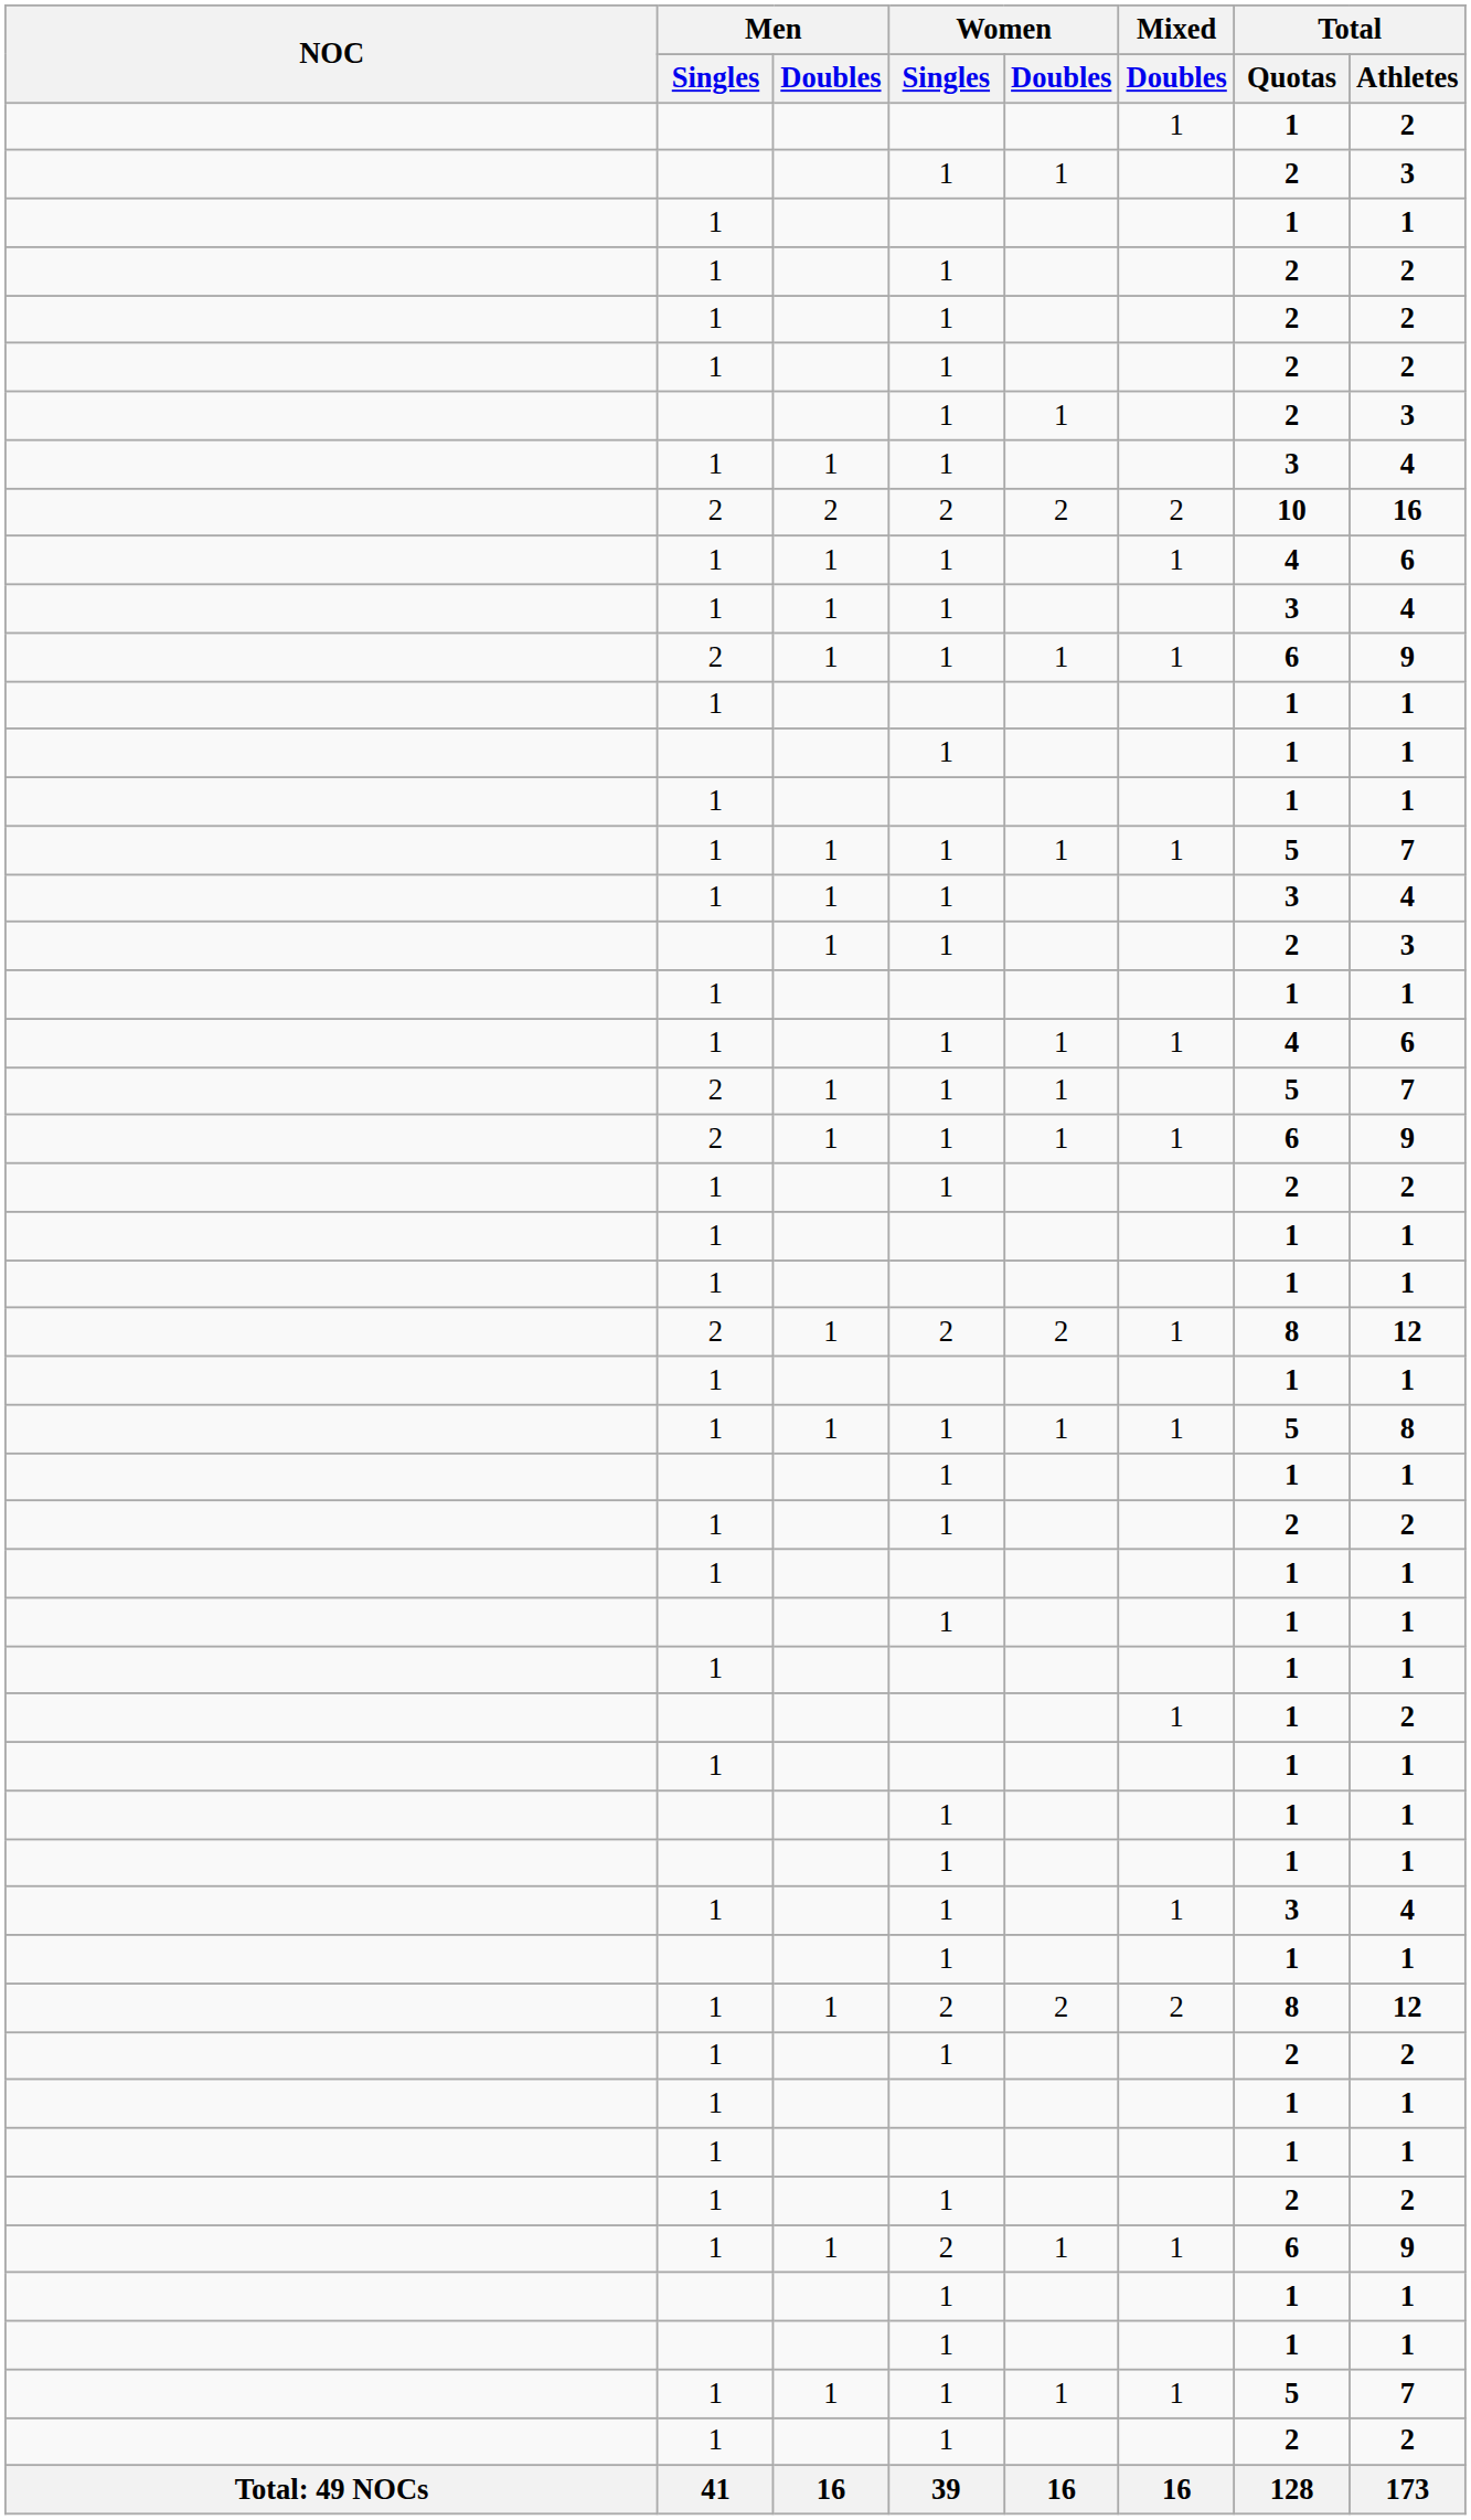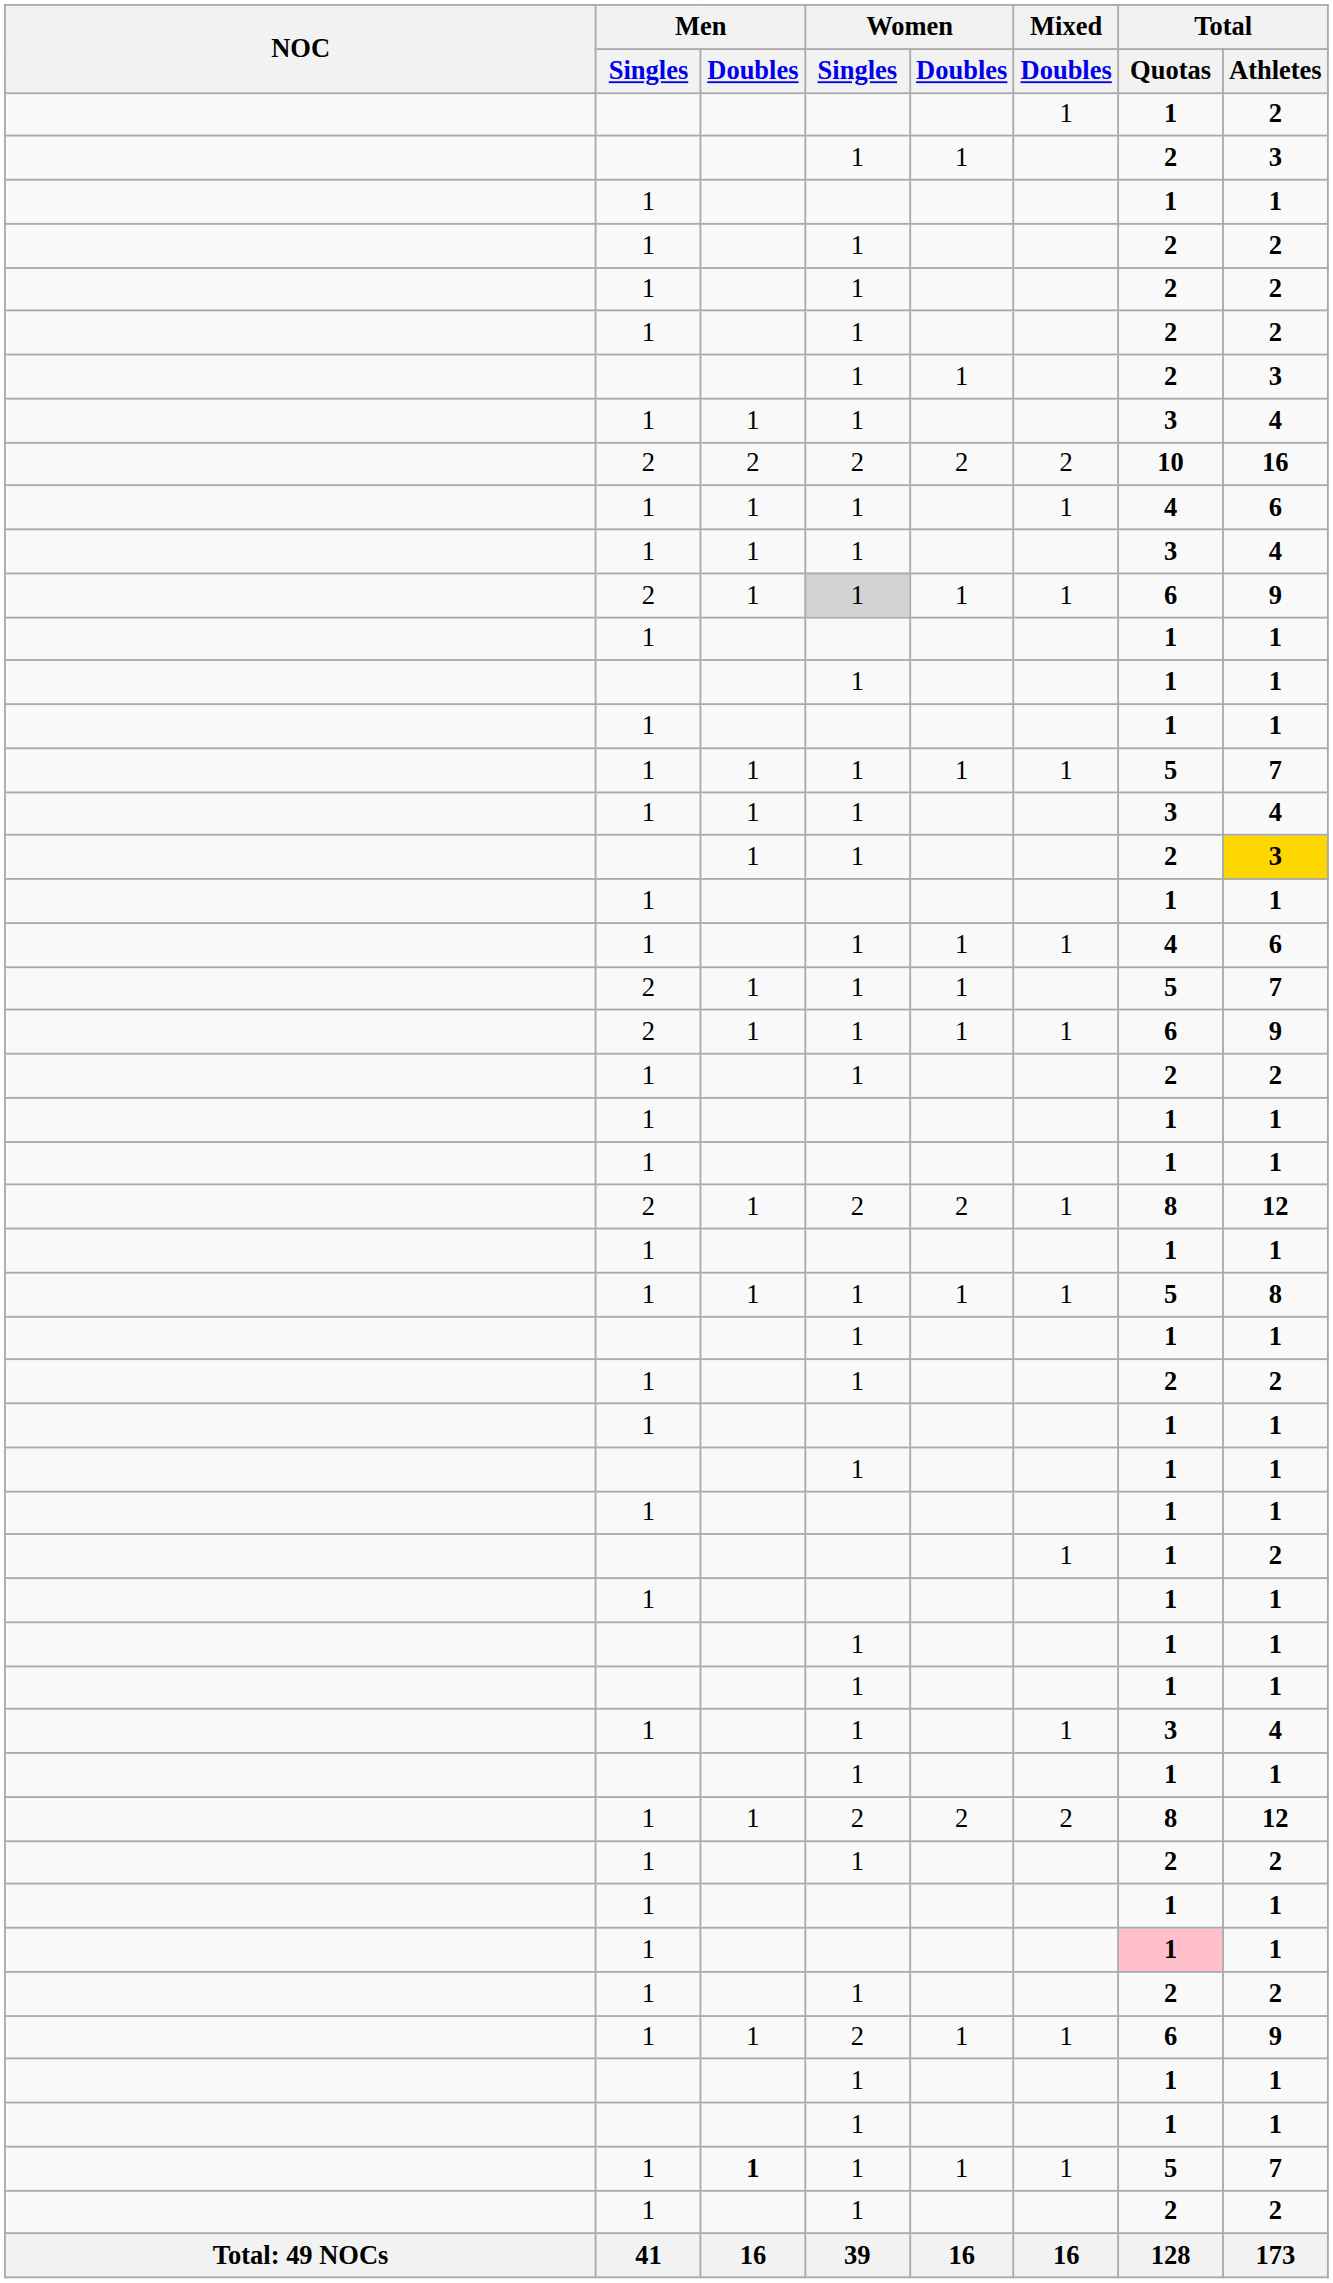 <table class="wikitable sortable" width=720 style="text-align:center; font-size:90%">
 <tr>
 <th rowspan="2" style="text-align:center;">NOC</th>
 <th colspan="2">Men</th>
 <th colspan="2">Women</th>
 <th>Mixed</th>
 <th colspan="2">Total</th>
 </tr>
 <tr>
 <th width=50><a href='#'>Singles</a></th>
 <th width=50><a href='#'>Doubles</a></th>
 <th width=50><a href='#'>Singles</a></th>
 <th width=50><a href='#'>Doubles</a></th>
 <th width=50><a href='#'>Doubles</a></th>
 <th width=50>Quotas</th>
 <th width=50>Athletes</th>
 </tr>
 <tr>
 <td align=left></td>
 <td></td>
 <td></td>
 <td></td>
 <td></td>
 <td>1</td>
 <td><strong>1</strong></td>
 <td><strong>2</strong></td>
 </tr>
 <tr>
 <td align=left></td>
 <td></td>
 <td></td>
 <td>1</td>
 <td>1</td>
 <td></td>
 <td><strong>2</strong></td>
 <td><strong>3</strong></td>
 </tr>
 <tr>
 <td align=left></td>
 <td>1</td>
 <td></td>
 <td></td>
 <td></td>
 <td></td>
 <td><strong>1</strong></td>
 <td><strong>1</strong></td>
 </tr>
 <tr>
 <td align=left></td>
 <td>1</td>
 <td></td>
 <td>1</td>
 <td></td>
 <td></td>
 <td><strong>2</strong></td>
 <td><strong>2</strong></td>
 </tr>
 <tr>
 <td align=left></td>
 <td>1</td>
 <td></td>
 <td>1</td>
 <td></td>
 <td></td>
 <td><strong>2</strong></td>
 <td><strong>2</strong></td>
 </tr>
 <tr>
 <td align=left></td>
 <td>1</td>
 <td></td>
 <td>1</td>
 <td></td>
 <td></td>
 <td><strong>2</strong></td>
 <td><strong>2</strong></td>
 </tr>
 <tr>
 <td align=left></td>
 <td></td>
 <td></td>
 <td>1</td>
 <td>1</td>
 <td></td>
 <td><strong>2</strong></td>
 <td><strong>3</strong></td>
 </tr>
 <tr>
 <td align=left></td>
 <td>1</td>
 <td>1</td>
 <td>1</td>
 <td></td>
 <td></td>
 <td><strong>3</strong></td>
 <td><strong>4</strong></td>
 </tr>
 <tr>
 <td align=left></td>
 <td>2</td>
 <td>2</td>
 <td>2</td>
 <td>2</td>
 <td>2</td>
 <td><strong>10</strong></td>
 <td><strong>16</strong></td>
 </tr>
 <tr>
 <td align=left></td>
 <td>1</td>
 <td>1</td>
 <td>1</td>
 <td></td>
 <td>1</td>
 <td><strong>4</strong></td>
 <td><strong>6</strong></td>
 </tr>
 <tr>
 <td align=left></td>
 <td>1</td>
 <td>1</td>
 <td>1</td>
 <td></td>
 <td></td>
 <td><strong>3</strong></td>
 <td><strong>4</strong></td>
 </tr>
 <tr>
 <td align=left></td>
 <td>2</td>
 <td>1</td>
-<td>1</td>
+<td style="background: lightgrey;">1</td>
 <td>1</td>
 <td>1</td>
 <td><strong>6</strong></td>
 <td><strong>9</strong></td>
 </tr>
 <tr>
 <td align=left></td>
 <td>1</td>
 <td></td>
 <td></td>
 <td></td>
 <td></td>
 <td><strong>1</strong></td>
 <td><strong>1</strong></td>
 </tr>
 <tr>
 <td align=left></td>
 <td></td>
 <td></td>
 <td>1</td>
 <td></td>
 <td></td>
 <td><strong>1</strong></td>
 <td><strong>1</strong></td>
 </tr>
 <tr>
 <td align=left></td>
 <td>1</td>
 <td></td>
 <td></td>
 <td></td>
 <td></td>
 <td><strong>1</strong></td>
 <td><strong>1</strong></td>
 </tr>
 <tr>
 <td align=left></td>
 <td>1</td>
 <td>1</td>
 <td>1</td>
 <td>1</td>
 <td>1</td>
 <td><strong>5</strong></td>
 <td><strong>7</strong></td>
 </tr>
 <tr>
 <td align=left></td>
 <td>1</td>
 <td>1</td>
 <td>1</td>
 <td></td>
 <td></td>
 <td><strong>3</strong></td>
 <td><strong>4</strong></td>
 </tr>
 <tr>
 <td align=left></td>
 <td></td>
 <td>1</td>
 <td>1</td>
 <td></td>
 <td></td>
 <td><strong>2</strong></td>
-<td><strong>3</strong></td>
+<td style="background: gold;"><strong>3</strong></td>
 </tr>
 <tr>
 <td align=left></td>
 <td>1</td>
 <td></td>
 <td></td>
 <td></td>
 <td></td>
 <td><strong>1</strong></td>
 <td><strong>1</strong></td>
 </tr>
 <tr>
 <td align=left></td>
 <td>1</td>
 <td></td>
 <td>1</td>
 <td>1</td>
 <td>1</td>
 <td><strong>4</strong></td>
 <td><strong>6</strong></td>
 </tr>
 <tr>
 <td align=left></td>
 <td>2</td>
 <td>1</td>
 <td>1</td>
 <td>1</td>
 <td></td>
 <td><strong>5</strong></td>
 <td><strong>7</strong></td>
 </tr>
 <tr>
 <td align=left></td>
 <td>2</td>
 <td>1</td>
 <td>1</td>
 <td>1</td>
 <td>1</td>
 <td><strong>6</strong></td>
 <td><strong>9</strong></td>
 </tr>
 <tr>
 <td align=left></td>
 <td>1</td>
 <td></td>
 <td>1</td>
 <td></td>
 <td></td>
 <td><strong>2</strong></td>
 <td><strong>2</strong></td>
 </tr>
 <tr>
 <td align=left></td>
 <td>1</td>
 <td></td>
 <td></td>
 <td></td>
 <td></td>
 <td><strong>1</strong></td>
 <td><strong>1</strong></td>
 </tr>
 <tr>
 <td align=left></td>
 <td>1</td>
 <td></td>
 <td></td>
 <td></td>
 <td></td>
 <td><strong>1</strong></td>
 <td><strong>1</strong></td>
 </tr>
 <tr>
 <td align=left></td>
 <td>2</td>
 <td>1</td>
 <td>2</td>
 <td>2</td>
 <td>1</td>
 <td><strong>8</strong></td>
 <td><strong>12</strong></td>
 </tr>
 <tr>
 <td align=left></td>
 <td>1</td>
 <td></td>
 <td></td>
 <td></td>
 <td></td>
 <td><strong>1</strong></td>
 <td><strong>1</strong></td>
 </tr>
 <tr>
 <td align=left></td>
 <td>1</td>
 <td>1</td>
 <td>1</td>
 <td>1</td>
 <td>1</td>
 <td><strong>5</strong></td>
 <td><strong>8</strong></td>
 </tr>
 <tr>
 <td align=left></td>
 <td></td>
 <td></td>
 <td>1</td>
 <td></td>
 <td></td>
 <td><strong>1</strong></td>
 <td><strong>1</strong></td>
 </tr>
 <tr>
 <td align=left></td>
 <td>1</td>
 <td></td>
 <td>1</td>
 <td></td>
 <td></td>
 <td><strong>2</strong></td>
 <td><strong>2</strong></td>
 </tr>
 <tr>
 <td align=left></td>
 <td>1</td>
 <td></td>
 <td></td>
 <td></td>
 <td></td>
 <td><strong>1</strong></td>
 <td><strong>1</strong></td>
 </tr>
 <tr>
 <td align=left></td>
 <td></td>
 <td></td>
 <td>1</td>
 <td></td>
 <td></td>
 <td><strong>1</strong></td>
 <td><strong>1</strong></td>
 </tr>
 <tr>
 <td align=left></td>
 <td>1</td>
 <td></td>
 <td></td>
 <td></td>
 <td></td>
 <td><strong>1</strong></td>
 <td><strong>1</strong></td>
 </tr>
 <tr>
 <td align=left></td>
 <td></td>
 <td></td>
 <td></td>
 <td></td>
 <td>1</td>
 <td><strong>1</strong></td>
 <td><strong>2</strong></td>
 </tr>
 <tr>
 <td align=left></td>
 <td>1</td>
 <td></td>
 <td></td>
 <td></td>
 <td></td>
 <td><strong>1</strong></td>
 <td><strong>1</strong></td>
 </tr>
 <tr>
 <td align=left></td>
 <td></td>
 <td></td>
 <td>1</td>
 <td></td>
 <td></td>
 <td><strong>1</strong></td>
 <td><strong>1</strong></td>
 </tr>
 <tr>
 <td align=left></td>
 <td></td>
 <td></td>
 <td>1</td>
 <td></td>
 <td></td>
 <td><strong>1</strong></td>
 <td><strong>1</strong></td>
 </tr>
 <tr>
 <td align=left></td>
 <td>1</td>
 <td></td>
 <td>1</td>
 <td></td>
 <td>1</td>
 <td><strong>3</strong></td>
 <td><strong>4</strong></td>
 </tr>
 <tr>
 <td align=left></td>
 <td></td>
 <td></td>
 <td>1</td>
 <td></td>
 <td></td>
 <td><strong>1</strong></td>
 <td><strong>1</strong></td>
 </tr>
 <tr>
 <td align=left></td>
 <td>1</td>
 <td>1</td>
 <td>2</td>
 <td>2</td>
 <td>2</td>
 <td><strong>8</strong></td>
 <td><strong>12</strong></td>
 </tr>
 <tr>
 <td align=left></td>
 <td>1</td>
 <td></td>
 <td>1</td>
 <td></td>
 <td></td>
 <td><strong>2</strong></td>
 <td><strong>2</strong></td>
 </tr>
 <tr>
 <td align=left></td>
 <td>1</td>
 <td></td>
 <td></td>
 <td></td>
 <td></td>
 <td><strong>1</strong></td>
 <td><strong>1</strong></td>
 </tr>
 <tr>
 <td align=left></td>
 <td>1</td>
 <td></td>
 <td></td>
 <td></td>
 <td></td>
-<td><strong>1</strong></td>
+<td style="background: pink;"><strong>1</strong></td>
 <td><strong>1</strong></td>
 </tr>
 <tr>
 <td align=left></td>
 <td>1</td>
 <td></td>
 <td>1</td>
 <td></td>
 <td></td>
 <td><strong>2</strong></td>
 <td><strong>2</strong></td>
 </tr>
 <tr>
 <td align=left></td>
 <td>1</td>
 <td>1</td>
 <td>2</td>
 <td>1</td>
 <td>1</td>
 <td><strong>6</strong></td>
 <td><strong>9</strong></td>
 </tr>
 <tr>
 <td align=left></td>
 <td></td>
 <td></td>
 <td>1</td>
 <td></td>
 <td></td>
 <td><strong>1</strong></td>
 <td><strong>1</strong></td>
 </tr>
 <tr>
 <td align=left></td>
 <td></td>
 <td></td>
 <td>1</td>
 <td></td>
 <td></td>
 <td><strong>1</strong></td>
 <td><strong>1</strong></td>
 </tr>
 <tr>
 <td align=left></td>
 <td>1</td>
-<td>1</td>
+<td><strong>1</strong></td>
 <td>1</td>
 <td>1</td>
 <td>1</td>
 <td><strong>5</strong></td>
 <td><strong>7</strong></td>
 </tr>
 <tr>
 <td align=left></td>
 <td>1</td>
 <td></td>
 <td>1</td>
 <td></td>
 <td></td>
 <td><strong>2</strong></td>
 <td><strong>2</strong></td>
 </tr>
 <tr>
 <th>Total: 49 NOCs</th>
 <th>41</th>
 <th>16</th>
 <th>39</th>
 <th>16</th>
 <th>16</th>
 <th>128</th>
 <th>173</th>
 </tr>
 </table>
